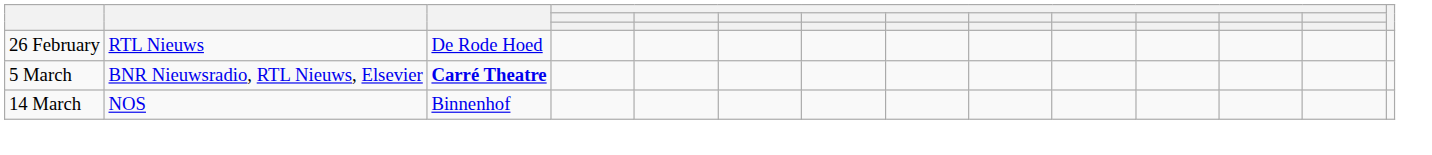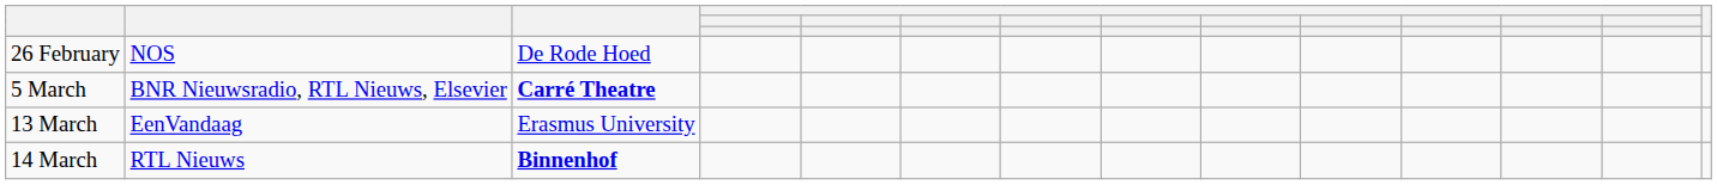 <table class="wikitable">
 <tr>
 <th style="white-space:nowrap;" rowspan="3"></th>
 <th rowspan="3"></th>
 <th rowspan="3"></th>
 <th scope="col" colspan="10">      </th>
 <th rowspan="3"></th>
 </tr>
 <tr>
 <th scope="col" style="width:4em;"></th>
 <th scope="col" style="width:4em;"></th>
 <th scope="col" style="width:4em;"></th>
 <th scope="col" style="width:4em;"></th>
 <th scope="col" style="width:4em;"></th>
 <th scope="col" style="width:4em;"></th>
 <th scope="col" style="width:4em;"></th>
 <th scope="col" style="width:4em;"></th>
 <th scope="col" style="width:4em;"></th>
 <th scope="col" style="width:4em;"></th>
 </tr>
 <tr>
 <th style="background:"></th>
 <th style="background:"></th>
 <th style="background:"></th>
 <th style="background:"></th>
 <th style="background:"></th>
 <th style="background:"></th>
 <th style="background:"></th>
 <th style="background:"></th>
 <th style="background:"></th>
 <th style="background:"></th>
 </tr>
 <tr>
 <td style="white-space:nowrap;">26 February</td>
-<td style="white-space:nowrap;"><a href='#'>RTL Nieuws</a></td>
+<td style="white-space:nowrap;"><a href='#'>NOS</a></td>
 <td style="white-space:nowrap;"><a href='#'>De Rode Hoed</a></td>
 <td></td>
 <td></td>
 <td></td>
 <td></td>
 <td></td>
 <td></td>
 <td></td>
 <td></td>
 <td></td>
 <td></td>
 <td></td>
 </tr>
 <tr>
 <td style="white-space:nowrap;">5 March</td>
 <td style="white-space:nowrap;"><a href='#'>BNR Nieuwsradio</a>, <a href='#'>RTL Nieuws</a>, <a href='#'>Elsevier</a></td>
 <td style="white-space:nowrap;"><strong><a href='#'>Carré Theatre</a></strong></td>
 <td></td>
 <td></td>
 <td></td>
 <td></td>
 <td></td>
 <td></td>
 <td></td>
 <td></td>
 <td></td>
 <td></td>
 <td></td>
 </tr>
 <tr>
+<td style="white-space:nowrap;">13 March</td>
+<td style="white-space:nowrap;"><a href='#'>EenVandaag</a></td>
+<td style="white-space:nowrap;"><a href='#'>Erasmus University</a></td>
+<td></td>
+<td></td>
+<td></td>
+<td></td>
+<td></td>
+<td></td>
+<td></td>
+<td></td>
+<td></td>
+<td></td>
+<td></td>
+</tr>
+<tr>
 <td style="white-space:nowrap;">14 March</td>
-<td style="white-space:nowrap;"><a href='#'>NOS</a></td>
-<td style="white-space:nowrap;"><a href='#'>Binnenhof</a></td>
+<td style="white-space:nowrap;"><a href='#'>RTL Nieuws</a></td>
+<td style="white-space:nowrap;"><strong><a href='#'>Binnenhof</a></strong></td>
 <td></td>
 <td></td>
 <td></td>
 <td></td>
 <td></td>
 <td></td>
 <td></td>
 <td></td>
 <td></td>
 <td></td>
 <td></td>
 </tr>
 </table>
